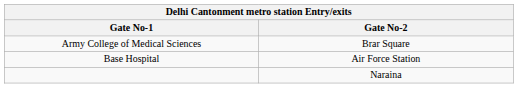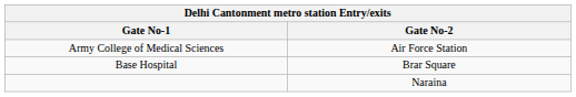 <table class="wikitable" style="text-align: center;" width="65%">
 <tr>
 <th align="center" colspan="5" style="background:#"><span>Delhi Cantonment metro station Entry/exits</span></th>
 </tr>
 <tr>
 <th style="width:15%;">Gate No-1</th>
 <th style="width:15%;">Gate No-2</th>
 </tr>
 <tr>
 <td>Army College of Medical Sciences</td>
-<td>Brar Square</td>
+<td>Air Force Station</td>
 </tr>
 <tr>
 <td>Base Hospital</td>
-<td>Air Force Station</td>
+<td>Brar Square</td>
 </tr>
 <tr>
 <td></td>
 <td>Naraina</td>
 </tr>
 </table>
